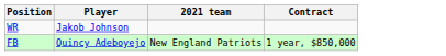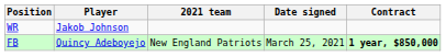 <table class="wikitable">
 <tr>
 <th>Position</th>
 <th>Player</th>
 <th>2021 team</th>
+<th>Date signed</th>
 <th>Contract</th>
 </tr>
 <tr style="background:#">
 <td><a href='#'>WR</a></td>
 <td><a href='#'>Jakob Johnson</a></td>
 <td></td>
 <td></td>
+<td></td>
 </tr>
 <tr style="background:#cfc;">
 <td><a href='#'>FB</a></td>
 <td><a href='#'>Quincy Adeboyejo</a></td>
 <td>New England Patriots</td>
-<td>1 year, $850,000</td>
+<td>March 25, 2021</td>
+<td><strong>1 year, $850,000</strong></td>
 </tr>
 </table>
